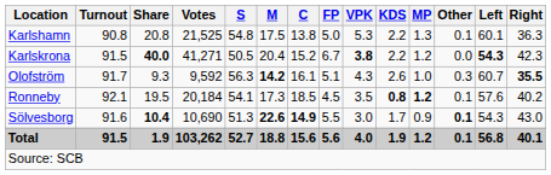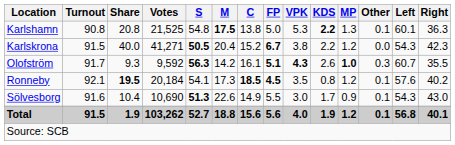 <table class="wikitable sortable" style=text-align:right>
 <tr>
 <th>Location</th>
 <th>Turnout</th>
 <th>Share</th>
 <th>Votes</th>
 <th><a href='#'>S</a></th>
 <th><a href='#'>M</a></th>
 <th><a href='#'>C</a></th>
 <th><a href='#'>FP</a></th>
 <th><a href='#'>VPK</a></th>
 <th><a href='#'>KDS</a></th>
 <th><a href='#'>MP</a></th>
 <th>Other</th>
 <th>Left</th>
 <th>Right</th>
 </tr>
 <tr>
 <td align=left><a href='#'>Karlshamn</a></td>
 <td>90.8</td>
 <td>20.8</td>
 <td>21,525</td>
 <td>54.8</td>
-<td>17.5</td>
+<td><strong>17.5</strong></td>
 <td>13.8</td>
 <td>5.0</td>
 <td>5.3</td>
-<td>2.2</td>
+<td><strong>2.2</strong></td>
 <td>1.3</td>
 <td>0.1</td>
 <td>60.1</td>
 <td>36.3</td>
 </tr>
 <tr>
 <td align=left><a href='#'>Karlskrona</a></td>
 <td>91.5</td>
-<td><strong>40.0</strong></td>
+<td>40.0</td>
 <td>41,271</td>
-<td>50.5</td>
+<td><strong>50.5</strong></td>
 <td>20.4</td>
 <td>15.2</td>
-<td>6.7</td>
-<td><strong>3.8</strong></td>
+<td><strong>6.7</strong></td>
+<td>3.8</td>
 <td>2.2</td>
 <td>1.2</td>
 <td>0.0</td>
-<td><strong>54.3</strong></td>
+<td>54.3</td>
 <td>42.3</td>
 </tr>
 <tr>
 <td align=left><a href='#'>Olofström</a></td>
 <td>91.7</td>
 <td>9.3</td>
 <td>9,592</td>
-<td>56.3</td>
-<td><strong>14.2</strong></td>
+<td><strong>56.3</strong></td>
+<td>14.2</td>
 <td>16.1</td>
-<td>5.1</td>
-<td>4.3</td>
+<td><strong>5.1</strong></td>
+<td><strong>4.3</strong></td>
 <td>2.6</td>
-<td>1.0</td>
+<td><strong>1.0</strong></td>
 <td>0.3</td>
 <td>60.7</td>
-<td><strong>35.5</strong></td>
+<td>35.5</td>
 </tr>
 <tr>
 <td align=left><a href='#'>Ronneby</a></td>
 <td>92.1</td>
-<td>19.5</td>
+<td><strong>19.5</strong></td>
 <td>20,184</td>
 <td>54.1</td>
 <td>17.3</td>
-<td>18.5</td>
-<td>4.5</td>
+<td><strong>18.5</strong></td>
+<td><strong>4.5</strong></td>
 <td>3.5</td>
-<td><strong>0.8</strong></td>
-<td><strong>1.2</strong></td>
+<td>0.8</td>
+<td>1.2</td>
 <td>0.1</td>
 <td>57.6</td>
 <td>40.2</td>
 </tr>
 <tr>
 <td align=left><a href='#'>Sölvesborg</a></td>
 <td>91.6</td>
-<td><strong>10.4</strong></td>
+<td>10.4</td>
 <td>10,690</td>
-<td>51.3</td>
-<td><strong>22.6</strong></td>
-<td><strong>14.9</strong></td>
+<td><strong>51.3</strong></td>
+<td>22.6</td>
+<td>14.9</td>
 <td>5.5</td>
 <td>3.0</td>
 <td>1.7</td>
 <td>0.9</td>
-<td><strong>0.1</strong></td>
+<td>0.1</td>
 <td>54.3</td>
 <td>43.0</td>
 </tr>
 <tr>
 </tr>
 <tr style="background:#CDCDCD;">
 <td align=left><strong>Total</strong></td>
 <td><strong>91.5</strong></td>
 <td><strong>1.9</strong></td>
 <td><strong>103,262</strong></td>
 <td><strong>52.7</strong></td>
 <td><strong>18.8</strong></td>
 <td><strong>15.6</strong></td>
 <td><strong>5.6</strong></td>
 <td><strong>4.0</strong></td>
 <td><strong>1.9</strong></td>
 <td><strong>1.2</strong></td>
 <td><strong>0.1</strong></td>
 <td><strong>56.8</strong></td>
 <td><strong>40.1</strong></td>
 </tr>
 <tr>
 <td align=left colspan=14>Source: SCB </td>
 </tr>
 </table>
